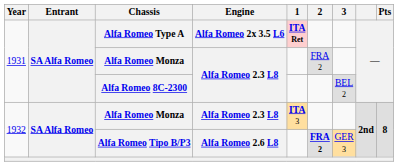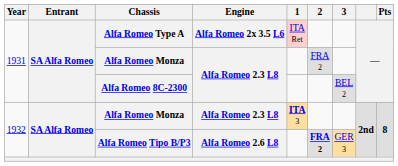 <table class="wikitable" style="text-align:center; font-size:85%">
 <tr>
 <th>Year</th>
 <th>Entrant</th>
 <th>Chassis</th>
 <th>Engine</th>
 <th>1</th>
 <th>2</th>
 <th>3</th>
 <th></th>
 <th>Pts</th>
 </tr>
 <tr>
 <td rowspan=3><a href='#'>1931</a></td>
 <th rowspan=3 nowrap><a href='#'>SA Alfa Romeo</a></th>
 <th nowrap><a href='#'>Alfa Romeo</a> Type A</th>
 <th nowrap><a href='#'>Alfa Romeo</a> 2x 3.5 <a href='#'>L6</a></th>
-<td style="background:#FFCFCF;"><strong><a href='#'>ITA</a><br><small>Ret</small></strong></td>
+<td style="background:#FFCFCF;"><a href='#'>ITA</a><br><small>Ret</small></td>
 <td></td>
 <td></td>
 <th colspan=2 rowspan=3>—</th>
 </tr>
 <tr>
 <th nowrap><a href='#'>Alfa Romeo</a> Monza</th>
 <th rowspan=2 nowrap><a href='#'>Alfa Romeo</a> 2.3 <a href='#'>L8</a></th>
 <td></td>
 <td style="background:#DFDFDF;"><a href='#'>FRA</a><br><small>2</small></td>
 <td></td>
 </tr>
 <tr>
 <th><a href='#'>Alfa Romeo</a> <a href='#'>8C-2300</a></th>
 <td></td>
 <td></td>
 <td style="background:#DFDFDF;"><a href='#'>BEL</a><br><small>2</small></td>
 </tr>
 <tr>
 <td rowspan=2><a href='#'>1932</a></td>
 <th rowspan=2 nowrap><a href='#'>SA Alfa Romeo</a></th>
 <th nowrap><a href='#'>Alfa Romeo</a> Monza</th>
 <th nowrap><a href='#'>Alfa Romeo</a> 2.3 <a href='#'>L8</a></th>
 <td style="background:#FFDF9F;"><strong><a href='#'>ITA</a></strong><br><small>3</small></td>
 <td></td>
 <td></td>
 <th rowspan=2 style="background:#DFDFDF;">2nd</th>
 <th rowspan=2 style="background:#DFDFDF;">8</th>
 </tr>
 <tr>
 <th nowrap><a href='#'>Alfa Romeo</a> <a href='#'>Tipo B/P3</a></th>
 <th nowrap><a href='#'>Alfa Romeo</a> 2.6 <a href='#'>L8</a></th>
 <td></td>
 <td style="background:#DFDFDF;"><strong><a href='#'>FRA</a><br><small>2</small></strong></td>
 <td style="background:#FFDF9F;"><a href='#'>GER</a><br><small>3</small></td>
 </tr>
 <tr>
 <th colspan=9></th>
 </tr>
 </table>
